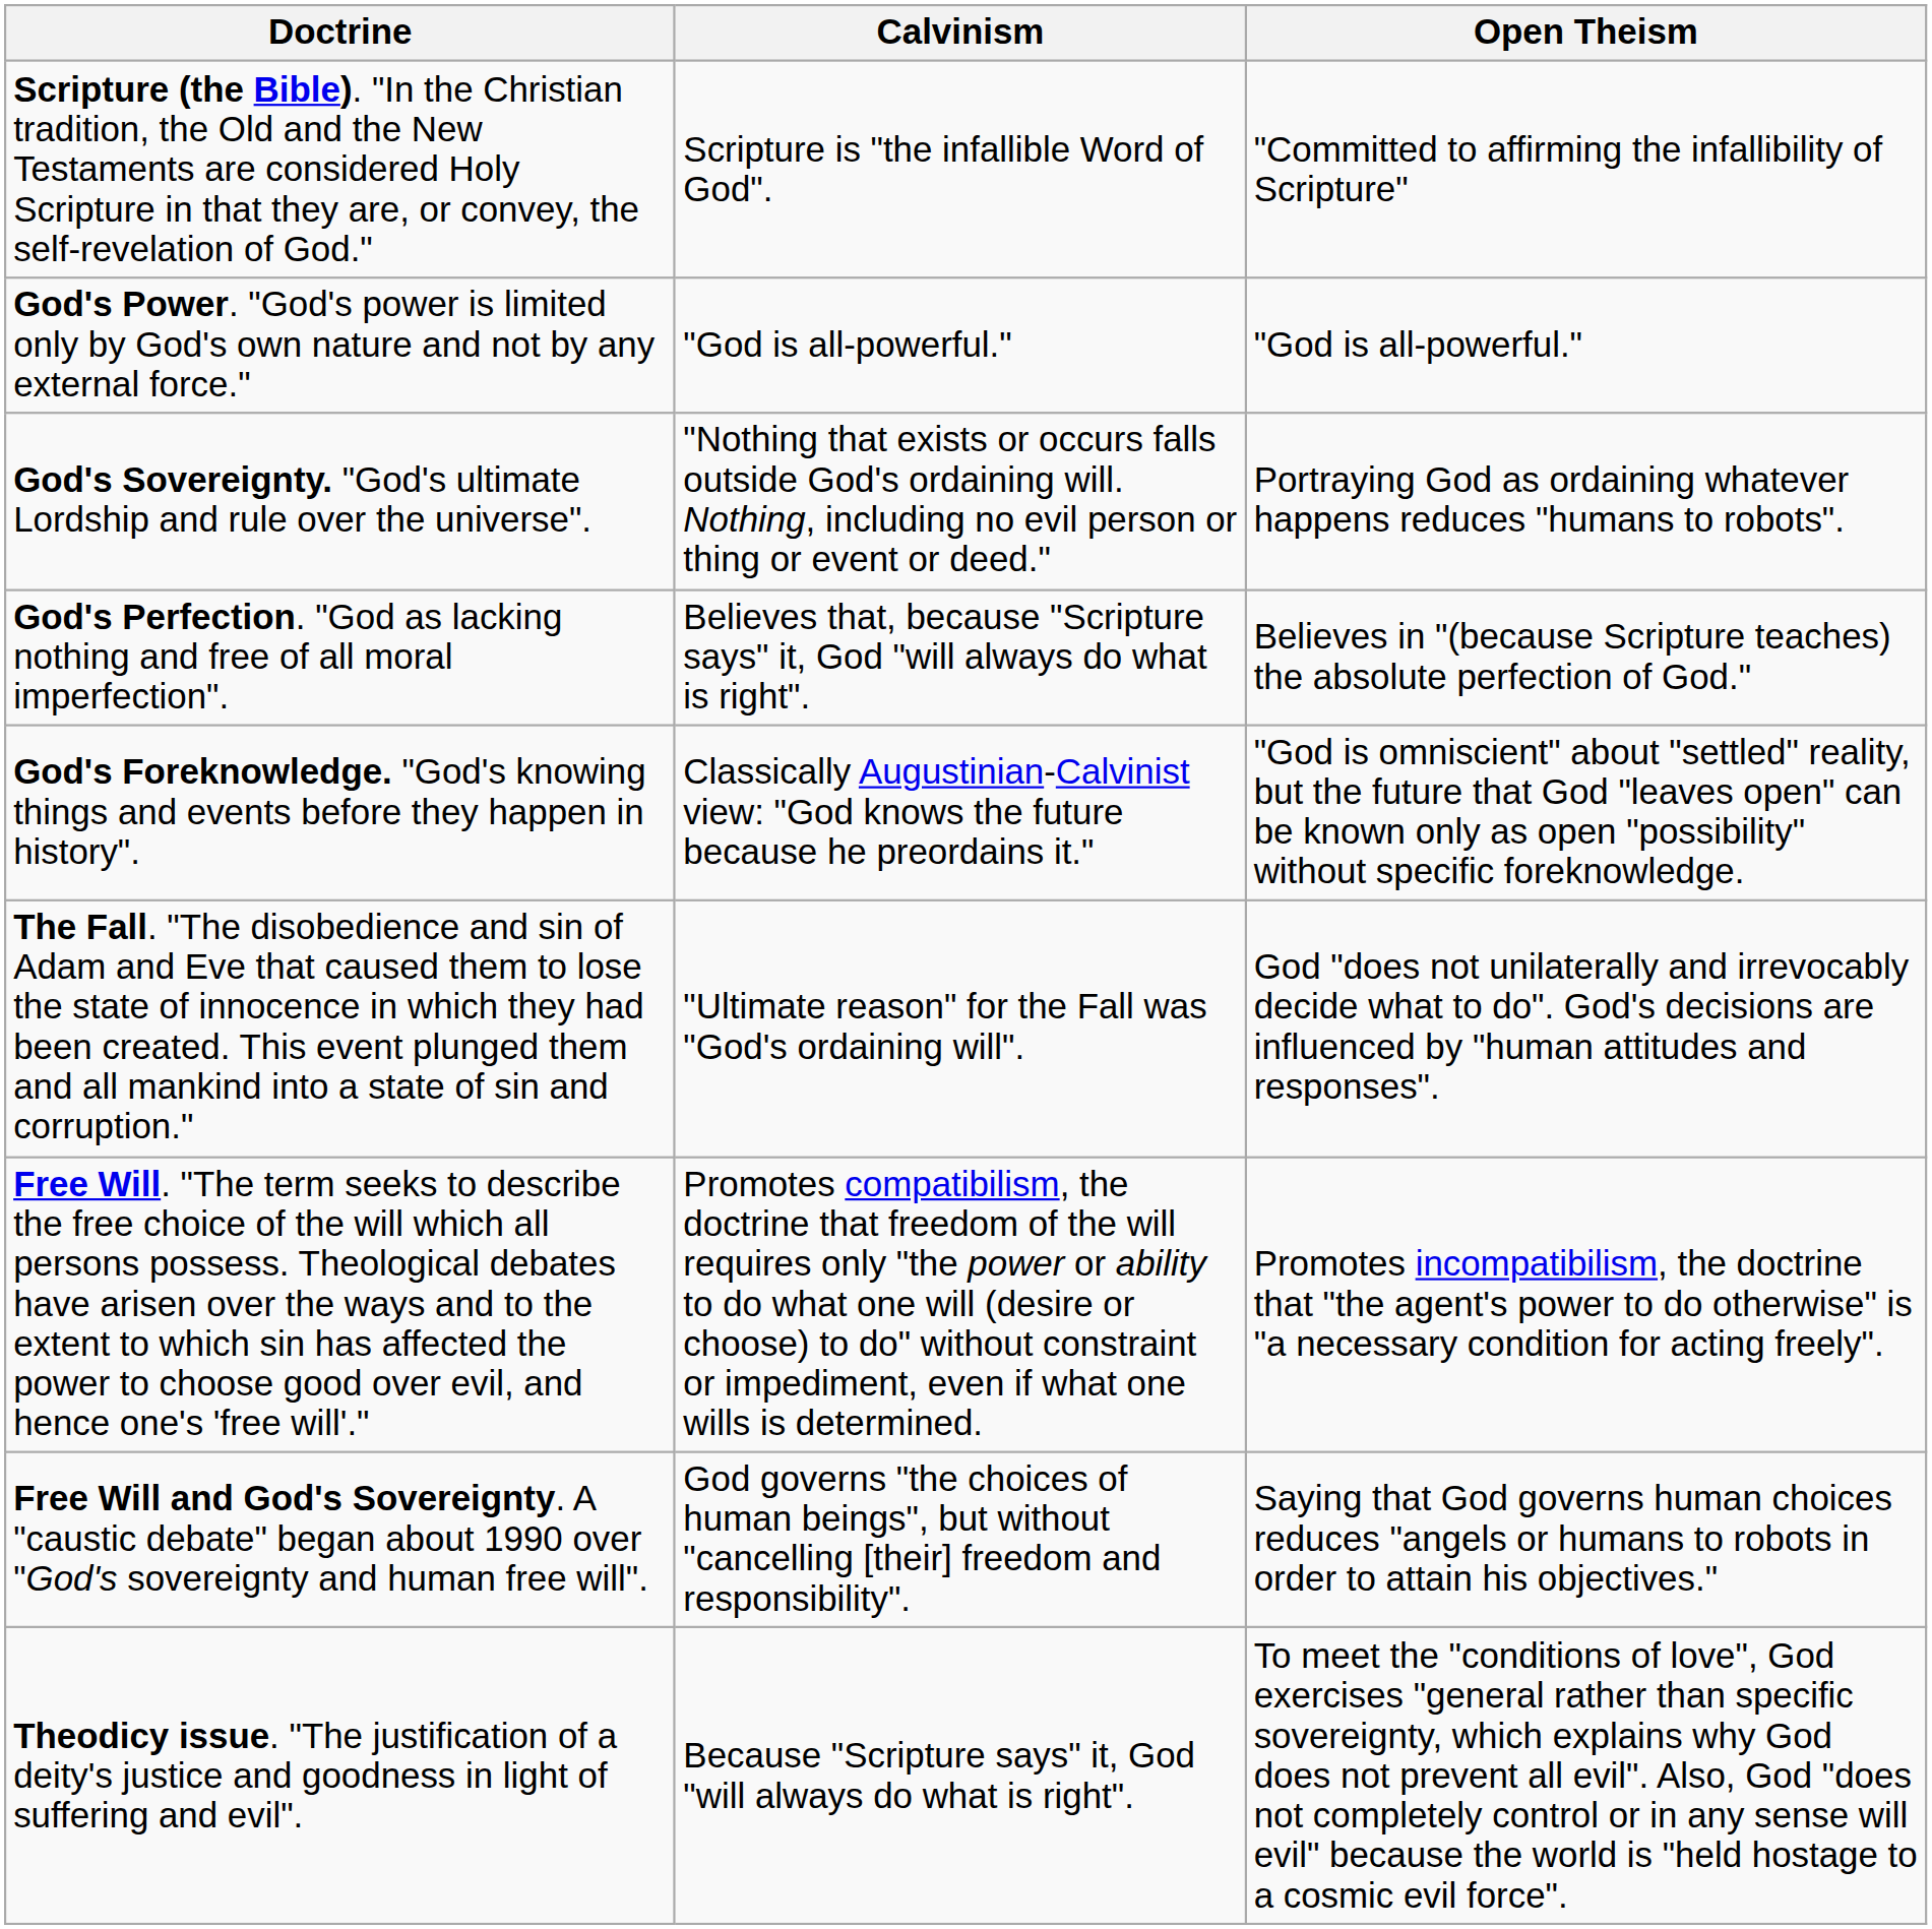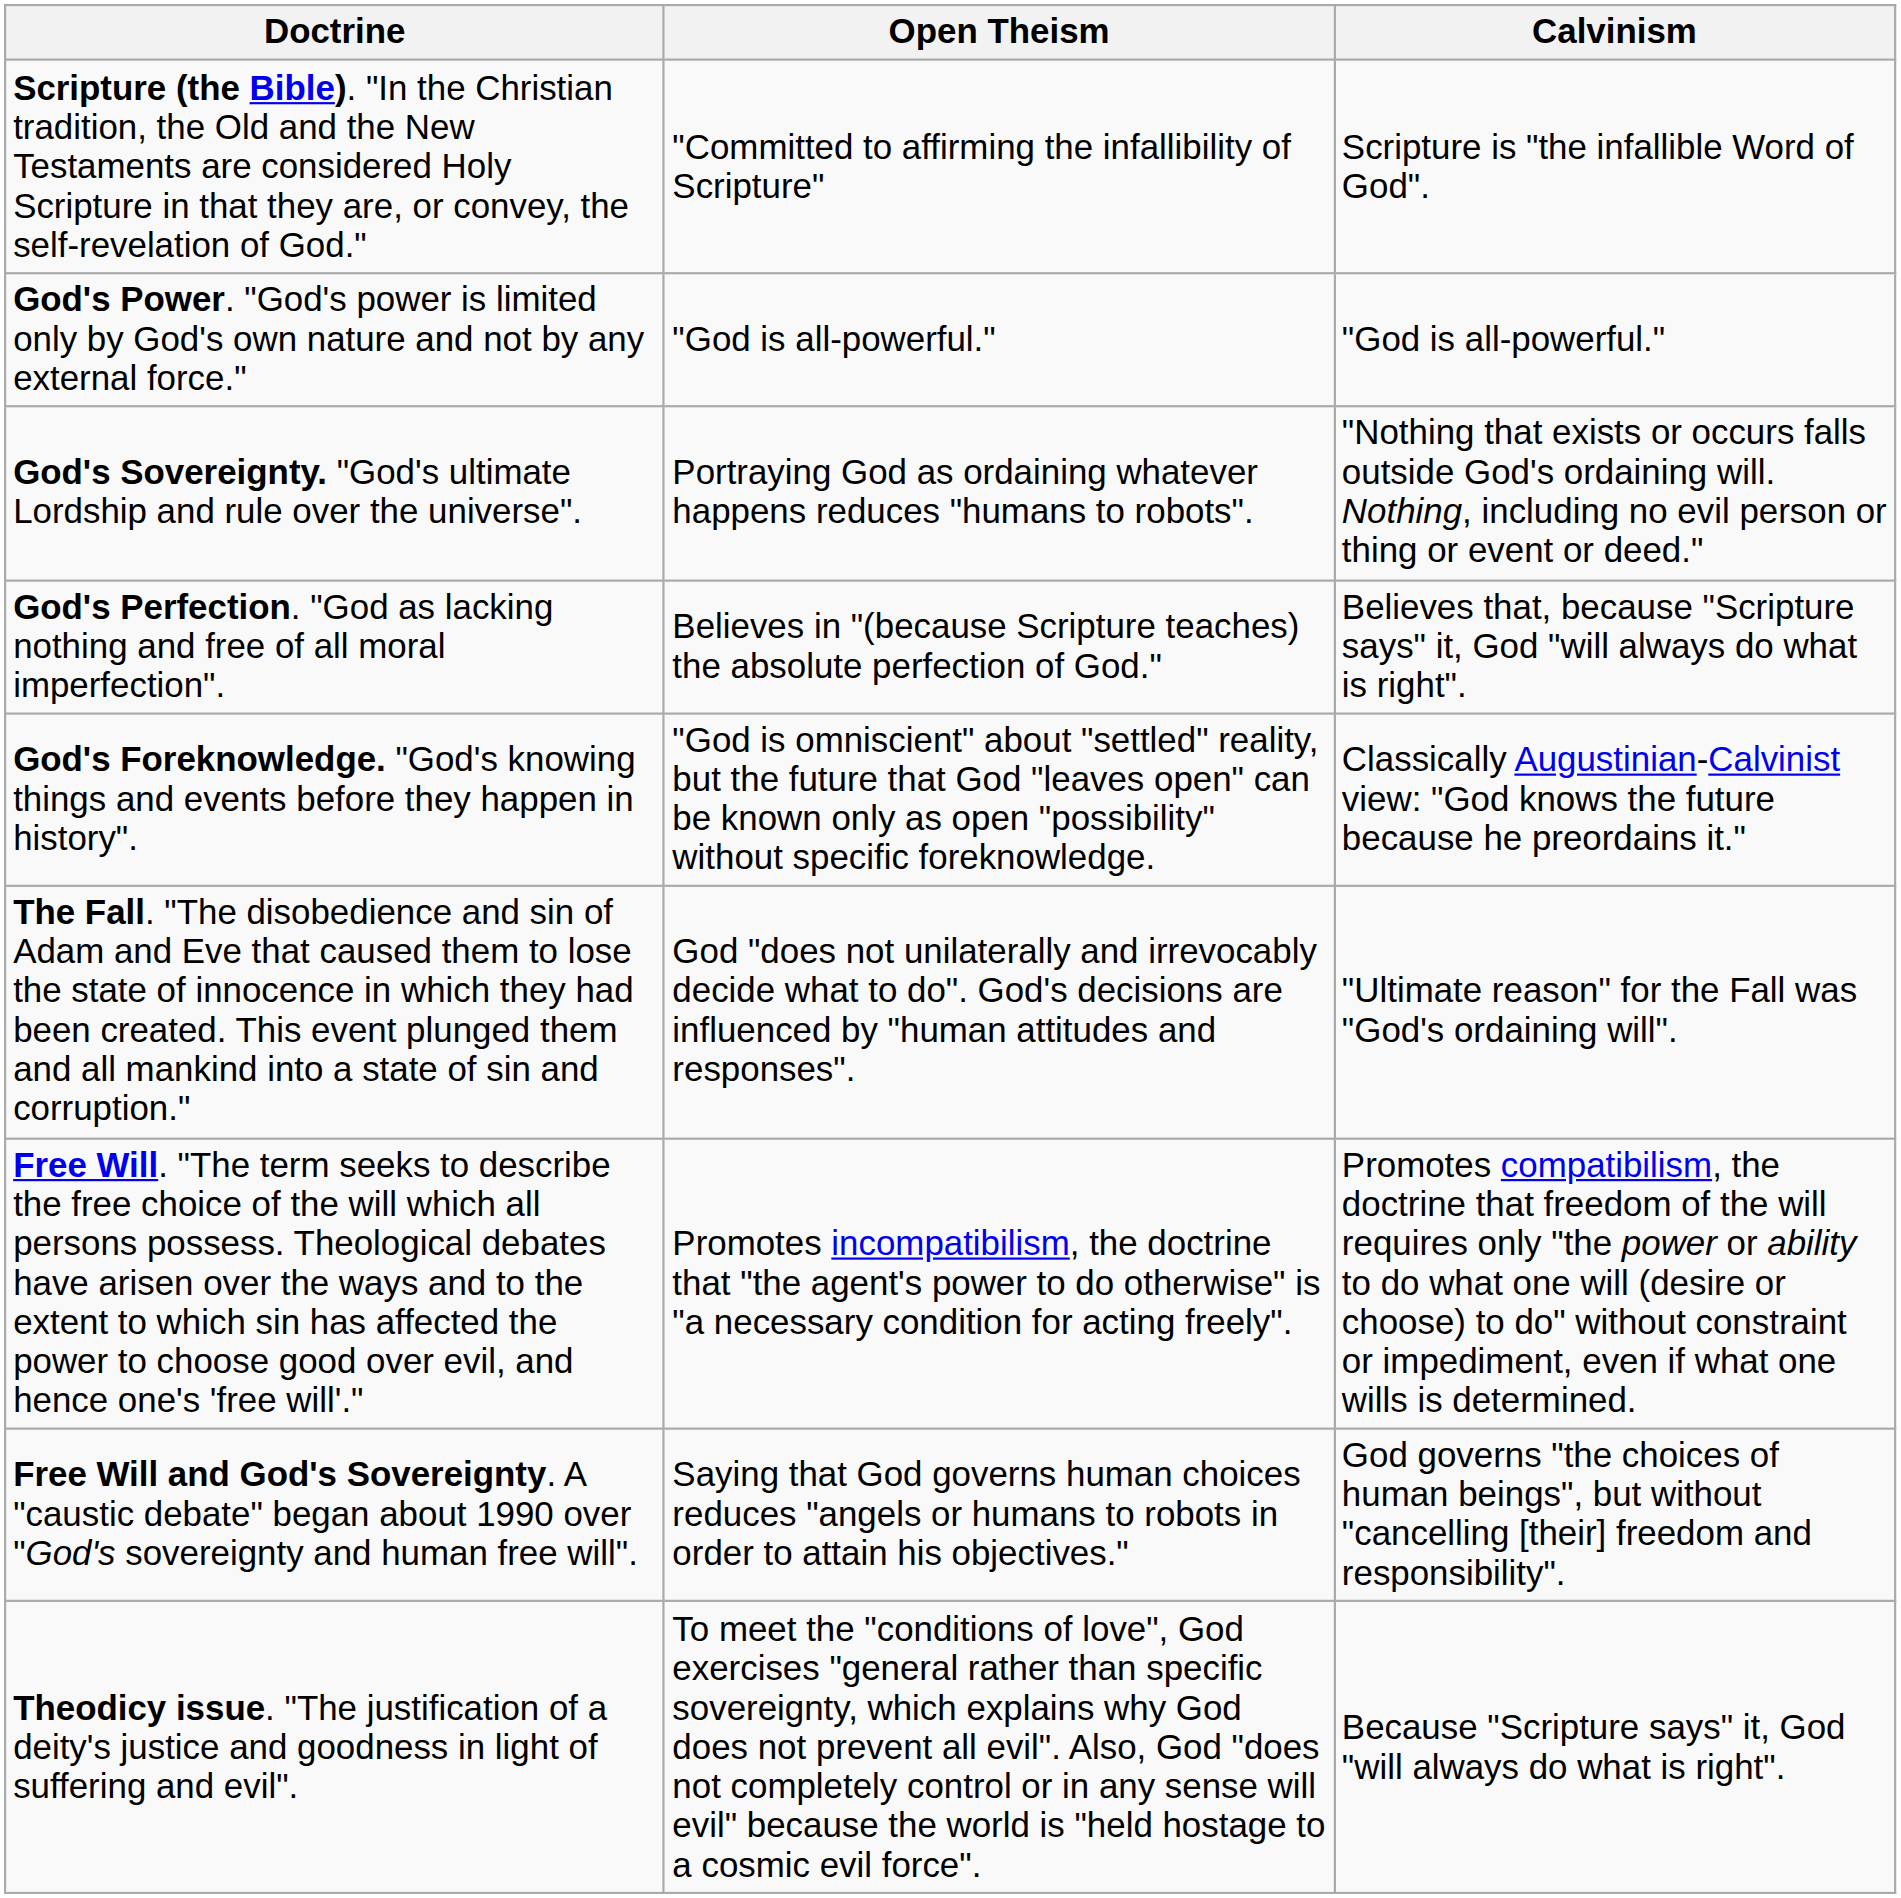 <table class="wikitable">
 <tr>
 <th>Doctrine</th>
+<th>Open Theism</th>
 <th>Calvinism</th>
-<th>Open Theism</th>
 </tr>
 <tr>
 <td><strong>Scripture (the <a href='#'>Bible</a>)</strong>. "In the Christian tradition, the Old and the New Testaments are considered Holy Scripture in that they are, or convey, the self-revelation of God."</td>
+<td>"Committed to affirming the infallibility of Scripture"</td>
 <td>Scripture is "the infallible Word of God".</td>
-<td>"Committed to affirming the infallibility of Scripture"</td>
 </tr>
 <tr>
 <td><strong>God's Power</strong>. "God's power is limited only by God's own nature and not by any external force."</td>
 <td>"God is all-powerful."</td>
 <td>"God is all-powerful."</td>
 </tr>
 <tr>
 <td><strong>God's Sovereignty.</strong> "God's ultimate Lordship and rule over the universe".</td>
+<td>Portraying God as ordaining whatever happens reduces "humans to robots".</td>
 <td>"Nothing that exists or occurs falls outside God's ordaining will. <em>Nothing</em>, including no evil person or thing or event or deed."</td>
-<td>Portraying God as ordaining whatever happens reduces "humans to robots".</td>
 </tr>
 <tr>
 <td><strong>God's Perfection</strong>. "God as lacking nothing and free of all moral imperfection".</td>
+<td>Believes in "(because Scripture teaches) the absolute perfection of God."</td>
 <td>Believes that, because "Scripture says" it, God "will always do what is right".</td>
-<td>Believes in "(because Scripture teaches) the absolute perfection of God."</td>
 </tr>
 <tr>
 <td><strong>God's Foreknowledge.</strong> "God's knowing things and events before they happen in history".</td>
+<td>"God is omniscient" about "settled" reality, but the future that God "leaves open" can be known only as open "possibility" without specific foreknowledge.</td>
 <td>Classically <a href='#'>Augustinian</a>-<a href='#'>Calvinist</a> view: "God knows the future because he preordains it."</td>
-<td>"God is omniscient" about "settled" reality, but the future that God "leaves open" can be known only as open "possibility" without specific foreknowledge.</td>
 </tr>
 <tr>
 <td><strong>The Fall</strong>. "The disobedience and sin of Adam and Eve that caused them to lose the state of innocence in which they had been created. This event plunged them and all mankind into a state of sin and corruption."</td>
+<td>God "does not unilaterally and irrevocably decide what to do". God's decisions are influenced by "human attitudes and responses".</td>
 <td>"Ultimate reason" for the Fall was "God's ordaining will".</td>
-<td>God "does not unilaterally and irrevocably decide what to do". God's decisions are influenced by "human attitudes and responses".</td>
 </tr>
 <tr>
 <td><a href='#'><strong>Free Will</strong></a>. "The term seeks to describe the free choice of the will which all persons possess. Theological debates have arisen over the ways and to the extent to which sin has affected the power to choose good over evil, and hence one's 'free will'."</td>
+<td>Promotes <a href='#'>incompatibilism</a>, the doctrine that "the agent's power to do otherwise" is "a necessary condition for acting freely".</td>
 <td>Promotes <a href='#'>compatibilism</a>, the doctrine that freedom of the will requires only "the <em>power</em> or <em>ability</em> to do what one will (desire or choose) to do" without constraint or impediment, even if what one wills is determined.</td>
-<td>Promotes <a href='#'>incompatibilism</a>, the doctrine that "the agent's power to do otherwise" is "a necessary condition for acting freely".</td>
 </tr>
 <tr>
 <td><strong>Free Will and God's Sovereignty</strong>. A "caustic debate" began about 1990 over "<em>God's</em> sovereignty and human free will".</td>
+<td>Saying that God governs human choices reduces "angels or humans to robots in order to attain his objectives."</td>
 <td>God governs "the choices of human beings", but without "cancelling [their] freedom and responsibility".</td>
-<td>Saying that God governs human choices reduces "angels or humans to robots in order to attain his objectives."</td>
 </tr>
 <tr>
 <td><strong>Theodicy issue</strong>. "The justification of a deity's justice and goodness in light of suffering and evil".</td>
+<td>To meet the "conditions of love", God exercises "general rather than specific sovereignty, which explains why God does not prevent all evil". Also, God "does not completely control or in any sense will evil" because the world is "held hostage to a cosmic evil force".</td>
 <td>Because "Scripture says" it, God "will always do what is right".</td>
-<td>To meet the "conditions of love", God exercises "general rather than specific sovereignty, which explains why God does not prevent all evil". Also, God "does not completely control or in any sense will evil" because the world is "held hostage to a cosmic evil force".</td>
 </tr>
 </table>
